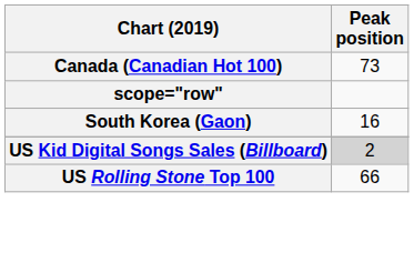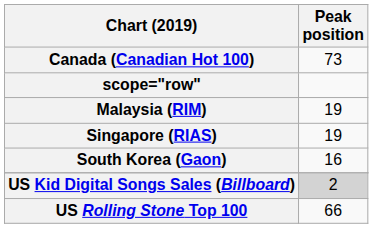 <table class="wikitable sortable plainrowheaders" style="text-align:center">
 <tr>
 <th scope="col">Chart (2019)</th>
 <th scope="col">Peak<br>position</th>
 </tr>
 <tr>
 <th scope="row">Canada (<a href='#'>Canadian Hot 100</a>)</th>
 <td>73</td>
 </tr>
 <tr>
 <th>scope="row"</th>
+</tr>
+<tr>
+<th scope="row">Malaysia (<a href='#'>RIM</a>)</th>
+<td>19</td>
+</tr>
+<tr>
+<th scope="row">Singapore (<a href='#'>RIAS</a>)</th>
+<td>19</td>
 </tr>
 <tr>
 <th scope="row">South Korea (<a href='#'>Gaon</a>)</th>
 <td>16</td>
 </tr>
 <tr>
 </tr>
 <tr>
 </tr>
 <tr>
 <th scope="row">US <a href='#'>Kid Digital Songs Sales</a> (<em><a href='#'>Billboard</a></em>)</th>
 <td style="background: lightgrey;">2</td>
 </tr>
 <tr>
 <th scope="row">US <a href='#'><em>Rolling Stone</em> Top 100</a></th>
 <td>66</td>
 </tr>
 </table>
